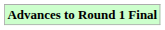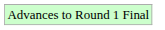 <table class="wikitable">
 <tr>
 </tr>
 <tr width=10px bgcolor=ccffcc>
-<td><strong>Advances to Round 1 Final</strong></td>
+<td>Advances to Round 1 Final</td>
 </tr>
 </table>
